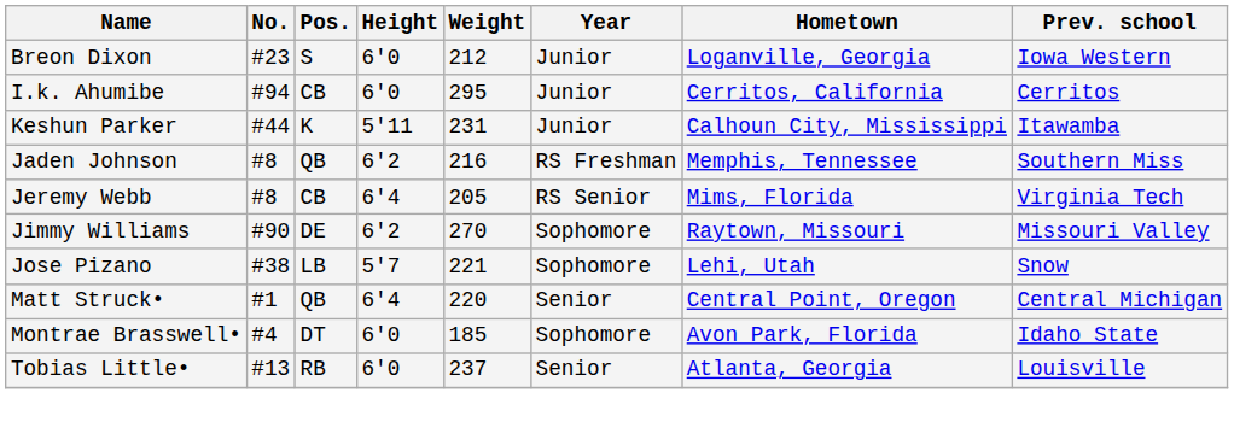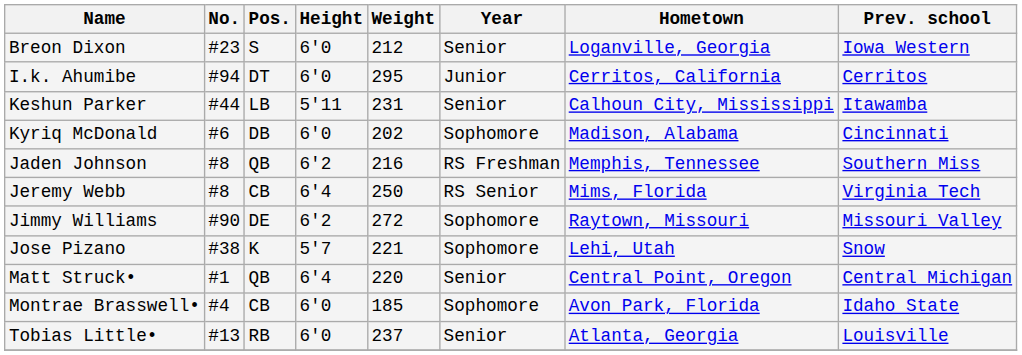 <table class="wikitable sortable">
 <tr>
 <th>Name</th>
 <th>No.</th>
 <th>Pos.</th>
 <th>Height</th>
 <th>Weight</th>
 <th>Year</th>
 <th>Hometown</th>
 <th class="unsortable">Prev. school</th>
 </tr>
 <tr style="background:#F4F4F4;">
 <td>Breon Dixon</td>
 <td>#23</td>
 <td>S</td>
 <td>6'0</td>
 <td>212</td>
-<td>Junior</td>
+<td>Senior</td>
 <td><a href='#'>Loganville, Georgia</a></td>
 <td><a href='#'>Iowa Western</a></td>
 </tr>
 <tr style="background:#F4F4F4;">
 <td>I.k. Ahumibe</td>
 <td>#94</td>
-<td>CB</td>
+<td>DT</td>
 <td>6'0</td>
 <td>295</td>
 <td>Junior</td>
 <td><a href='#'>Cerritos, California</a></td>
 <td><a href='#'>Cerritos</a></td>
 </tr>
 <tr style="background:#F4F4F4;">
 <td>Keshun Parker</td>
 <td>#44</td>
-<td>K</td>
+<td>LB</td>
 <td>5'11</td>
 <td>231</td>
-<td>Junior</td>
+<td>Senior</td>
 <td><a href='#'>Calhoun City, Mississippi</a></td>
 <td><a href='#'>Itawamba</a></td>
+</tr>
+<tr style="background:#F4F4F4;">
+<td>Kyriq McDonald</td>
+<td>#6</td>
+<td>DB</td>
+<td>6'0</td>
+<td>202</td>
+<td>Sophomore</td>
+<td><a href='#'>Madison, Alabama</a></td>
+<td><a href='#'>Cincinnati</a></td>
 </tr>
 <tr style="background:#F4F4F4;">
 <td>Jaden Johnson</td>
 <td>#8</td>
 <td>QB</td>
 <td>6'2</td>
 <td>216</td>
 <td>RS Freshman</td>
 <td><a href='#'>Memphis, Tennessee</a></td>
 <td><a href='#'>Southern Miss</a></td>
 </tr>
 <tr style="background:#F4F4F4;">
 <td>Jeremy Webb</td>
 <td>#8</td>
 <td>CB</td>
 <td>6'4</td>
-<td>205</td>
+<td>250</td>
 <td>RS Senior</td>
 <td><a href='#'>Mims, Florida</a></td>
 <td><a href='#'>Virginia Tech</a></td>
 </tr>
 <tr style="background:#F4F4F4;">
 <td>Jimmy Williams</td>
 <td>#90</td>
 <td>DE</td>
 <td>6'2</td>
-<td>270</td>
+<td>272</td>
 <td>Sophomore</td>
 <td><a href='#'>Raytown, Missouri</a></td>
 <td><a href='#'>Missouri Valley</a></td>
 </tr>
 <tr style="background:#F4F4F4;">
 <td>Jose Pizano</td>
 <td>#38</td>
-<td>LB</td>
+<td>K</td>
 <td>5'7</td>
 <td>221</td>
 <td>Sophomore</td>
 <td><a href='#'>Lehi, Utah</a></td>
 <td><a href='#'>Snow</a></td>
 </tr>
 <tr style="background:#F4F4F4;">
 <td>Matt Struck•</td>
 <td>#1</td>
 <td>QB</td>
 <td>6'4</td>
 <td>220</td>
 <td>Senior</td>
 <td><a href='#'>Central Point, Oregon</a></td>
 <td><a href='#'>Central Michigan</a></td>
 </tr>
 <tr style="background:#F4F4F4;">
 <td>Montrae Brasswell•</td>
 <td>#4</td>
-<td>DT</td>
+<td>CB</td>
 <td>6'0</td>
 <td>185</td>
 <td>Sophomore</td>
 <td><a href='#'>Avon Park, Florida</a></td>
 <td><a href='#'>Idaho State</a></td>
 </tr>
 <tr style="background:#F4F4F4;">
 <td>Tobias Little•</td>
 <td>#13</td>
 <td>RB</td>
 <td>6'0</td>
 <td>237</td>
 <td>Senior</td>
 <td><a href='#'>Atlanta, Georgia</a></td>
 <td><a href='#'>Louisville</a></td>
 </tr>
 <tr>
 </tr>
 </table>
